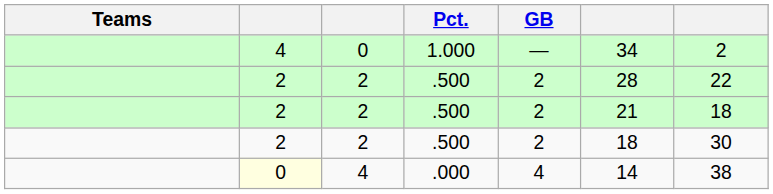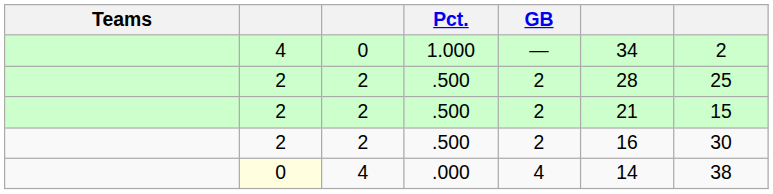 <table class="wikitable" width="50%" style="text-align:center;">
 <tr>
 <th width="20%">Teams</th>
 <th width="7%"></th>
 <th width="7%"></th>
 <th width="8%"><a href='#'>Pct.</a></th>
 <th width="7%"><a href='#'>GB</a></th>
 <th width="8%"></th>
 <th width="8%"></th>
 </tr>
 <tr bgcolor="ccffcc">
 <td align=left></td>
 <td>4</td>
 <td>0</td>
 <td>1.000</td>
 <td>—</td>
 <td>34</td>
 <td>2</td>
 </tr>
 <tr bgcolor="ccffcc">
 <td align=left></td>
 <td>2</td>
 <td>2</td>
 <td>.500</td>
 <td>2</td>
 <td>28</td>
-<td>22</td>
+<td>25</td>
 </tr>
 <tr bgcolor="ccffcc">
 <td align=left></td>
 <td>2</td>
 <td>2</td>
 <td>.500</td>
 <td>2</td>
 <td>21</td>
-<td>18</td>
+<td>15</td>
 </tr>
 <tr>
 <td align=left></td>
 <td>2</td>
 <td>2</td>
 <td>.500</td>
 <td>2</td>
-<td>18</td>
+<td>16</td>
 <td>30</td>
 </tr>
 <tr>
 <td align=left></td>
 <td style="background: lightyellow;">0</td>
 <td>4</td>
 <td>.000</td>
 <td>4</td>
 <td>14</td>
 <td>38</td>
 </tr>
 </table>
